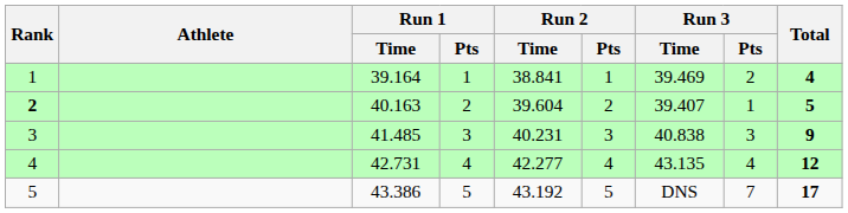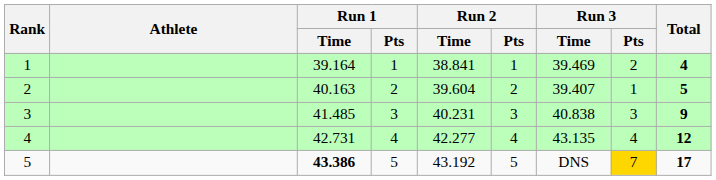 <table class=wikitable style="text-align:center">
 <tr>
 <th rowspan="2" width=40>Rank</th>
 <th rowspan="2" width=250>Athlete</th>
 <th colspan="2">Run 1</th>
 <th colspan="2">Run 2</th>
 <th colspan="2">Run 3</th>
 <th rowspan="2" width=50>Total</th>
 </tr>
 <tr>
 <th width=70>Time</th>
 <th width=40>Pts</th>
 <th width=70>Time</th>
 <th width=40>Pts</th>
 <th width=70>Time</th>
 <th width=40>Pts</th>
 </tr>
 <tr bgcolor=bbffbb>
 <td>1</td>
 <td align=left></td>
 <td>39.164</td>
 <td>1</td>
 <td>38.841</td>
 <td>1</td>
 <td>39.469</td>
 <td>2</td>
 <td><strong>4</strong></td>
 </tr>
 <tr bgcolor=bbffbb>
-<td><strong>2</strong></td>
+<td>2</td>
 <td align=left></td>
 <td>40.163</td>
 <td>2</td>
 <td>39.604</td>
 <td>2</td>
 <td>39.407</td>
 <td>1</td>
 <td><strong>5</strong></td>
 </tr>
 <tr bgcolor=bbffbb>
 <td>3</td>
 <td align=left></td>
 <td>41.485</td>
 <td>3</td>
 <td>40.231</td>
 <td>3</td>
 <td>40.838</td>
 <td>3</td>
 <td><strong>9</strong></td>
 </tr>
 <tr bgcolor=bbffbb>
 <td>4</td>
 <td align=left></td>
 <td>42.731</td>
 <td>4</td>
 <td>42.277</td>
 <td>4</td>
 <td>43.135</td>
 <td>4</td>
 <td><strong>12</strong></td>
 </tr>
 <tr>
 <td>5</td>
 <td align=left></td>
-<td>43.386</td>
+<td><strong>43.386</strong></td>
 <td>5</td>
 <td>43.192</td>
 <td>5</td>
 <td>DNS</td>
-<td>7</td>
+<td style="background: gold;">7</td>
 <td><strong>17</strong></td>
 </tr>
 </table>
